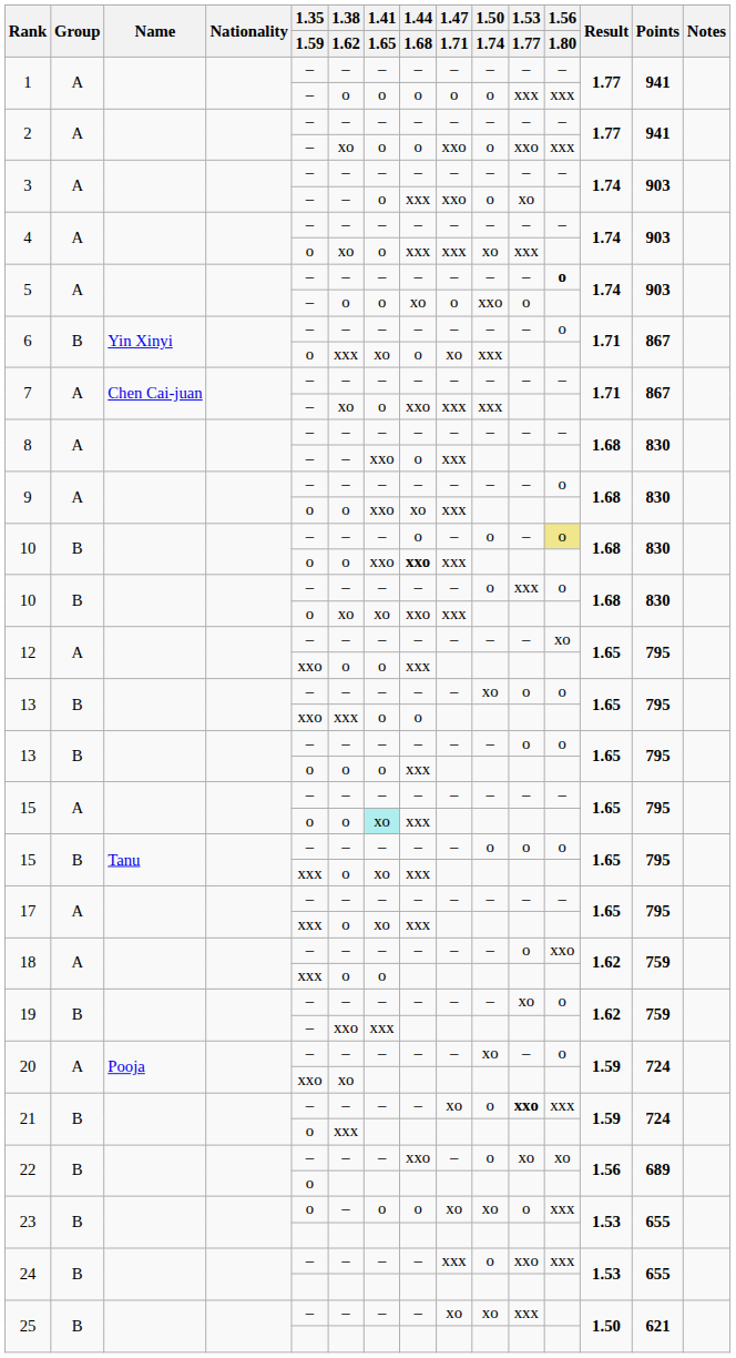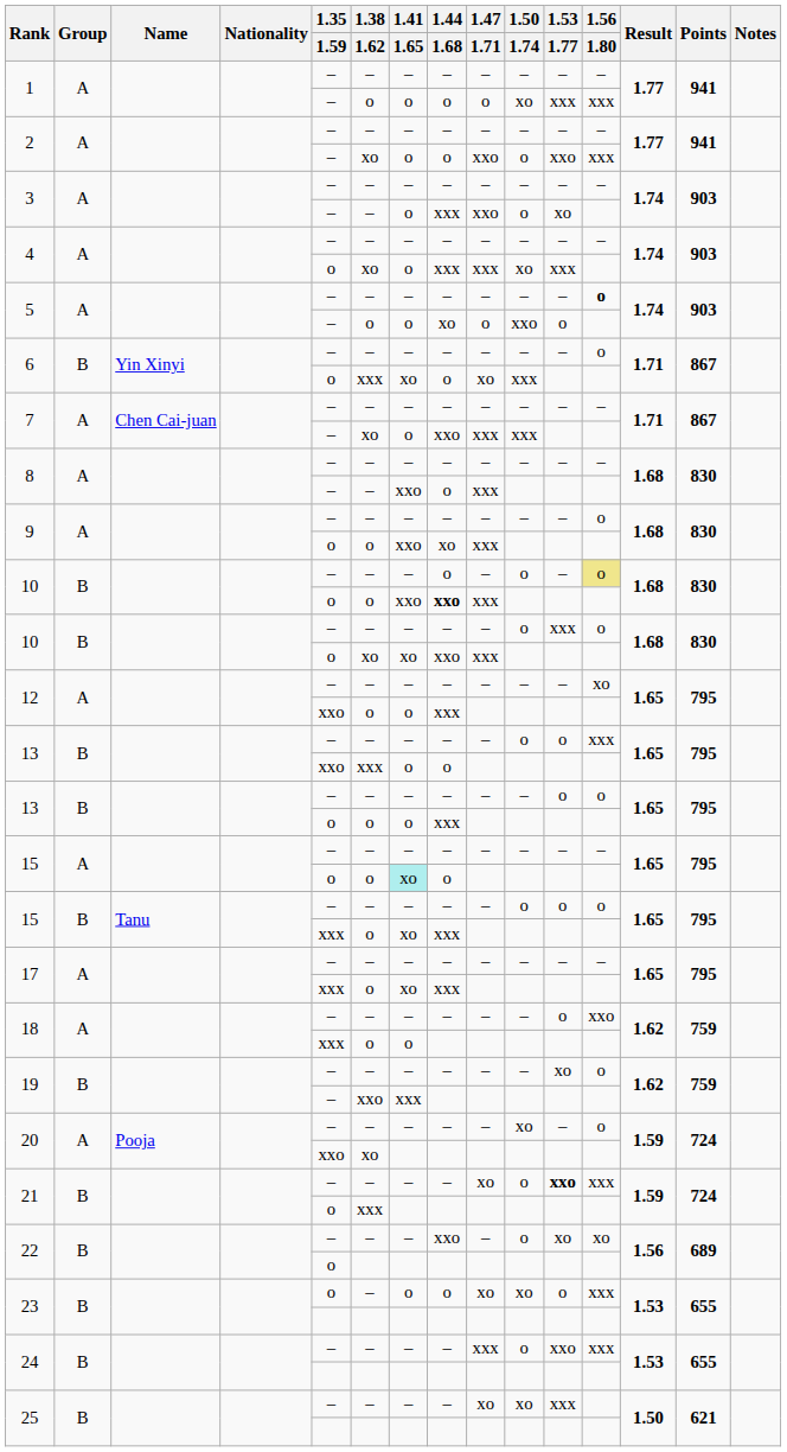 <table class="wikitable sortable" style="text-align:center">
 <tr>
 <th rowspan=2>Rank</th>
 <th rowspan=2>Group</th>
 <th rowspan=2>Name</th>
 <th rowspan=2>Nationality</th>
 <th>1.35</th>
 <th>1.38</th>
 <th>1.41</th>
 <th>1.44</th>
 <th>1.47</th>
 <th>1.50</th>
 <th>1.53</th>
 <th>1.56</th>
 <th rowspan=2>Result</th>
 <th rowspan=2>Points</th>
 <th rowspan=2>Notes</th>
 </tr>
 <tr>
 <th class=unsortable>1.59</th>
 <th class=unsortable>1.62</th>
 <th class=unsortable>1.65</th>
 <th class=unsortable>1.68</th>
 <th class=unsortable>1.71</th>
 <th class=unsortable>1.74</th>
 <th class=unsortable>1.77</th>
 <th class=unsortable>1.80</th>
 </tr>
 <tr>
 <td rowspan=2>1</td>
 <td rowspan=2>A</td>
 <td rowspan=2 align=left></td>
 <td rowspan=2 align=left></td>
 <td>–</td>
 <td>–</td>
 <td>–</td>
 <td>–</td>
 <td>–</td>
 <td>–</td>
 <td>–</td>
 <td>–</td>
 <td rowspan=2><strong>1.77</strong></td>
 <td rowspan=2><strong>941</strong></td>
 <td rowspan=2></td>
 </tr>
 <tr>
 <td>–</td>
 <td>o</td>
 <td>o</td>
 <td>o</td>
 <td>o</td>
-<td>o</td>
+<td>xo</td>
 <td>xxx</td>
 <td>xxx</td>
 </tr>
 <tr>
 <td rowspan=2>2</td>
 <td rowspan=2>A</td>
 <td rowspan=2 align=left></td>
 <td rowspan=2 align=left></td>
 <td>–</td>
 <td>–</td>
 <td>–</td>
 <td>–</td>
 <td>–</td>
 <td>–</td>
 <td>–</td>
 <td>–</td>
 <td rowspan=2><strong>1.77</strong></td>
 <td rowspan=2><strong>941</strong></td>
 <td rowspan=2></td>
 </tr>
 <tr>
 <td>–</td>
 <td>xo</td>
 <td>o</td>
 <td>o</td>
 <td>xxo</td>
 <td>o</td>
 <td>xxo</td>
 <td>xxx</td>
 </tr>
 <tr>
 <td rowspan=2>3</td>
 <td rowspan=2>A</td>
 <td rowspan=2 align=left></td>
 <td rowspan=2 align=left></td>
 <td>–</td>
 <td>–</td>
 <td>–</td>
 <td>–</td>
 <td>–</td>
 <td>–</td>
 <td>–</td>
 <td>–</td>
 <td rowspan=2><strong>1.74</strong></td>
 <td rowspan=2><strong>903</strong></td>
 <td rowspan=2></td>
 </tr>
 <tr>
 <td>–</td>
 <td>–</td>
 <td>o</td>
 <td>xxx</td>
 <td>xxo</td>
 <td>o</td>
 <td>xo</td>
 <td></td>
 </tr>
 <tr>
 <td rowspan=2>4</td>
 <td rowspan=2>A</td>
 <td rowspan=2 align=left></td>
 <td rowspan=2 align=left></td>
 <td>–</td>
 <td>–</td>
 <td>–</td>
 <td>–</td>
 <td>–</td>
 <td>–</td>
 <td>–</td>
 <td>–</td>
 <td rowspan=2><strong>1.74</strong></td>
 <td rowspan=2><strong>903</strong></td>
 <td rowspan=2></td>
 </tr>
 <tr>
 <td>o</td>
 <td>xo</td>
 <td>o</td>
 <td>xxx</td>
 <td>xxx</td>
 <td>xo</td>
 <td>xxx</td>
 <td></td>
 </tr>
 <tr>
 <td rowspan=2>5</td>
 <td rowspan=2>A</td>
 <td rowspan=2 align=left></td>
 <td rowspan=2 align=left></td>
 <td>–</td>
 <td>–</td>
 <td>–</td>
 <td>–</td>
 <td>–</td>
 <td>–</td>
 <td>–</td>
 <td><strong>o</strong></td>
 <td rowspan=2><strong>1.74</strong></td>
 <td rowspan=2><strong>903</strong></td>
 <td rowspan=2></td>
 </tr>
 <tr>
 <td>–</td>
 <td>o</td>
 <td>o</td>
 <td>xo</td>
 <td>o</td>
 <td>xxo</td>
 <td>o</td>
 <td></td>
 </tr>
 <tr>
 <td rowspan=2>6</td>
 <td rowspan=2>B</td>
 <td rowspan=2 align=left><a href='#'>Yin Xinyi</a></td>
 <td rowspan=2 align=left></td>
 <td>–</td>
 <td>–</td>
 <td>–</td>
 <td>–</td>
 <td>–</td>
 <td>–</td>
 <td>–</td>
 <td>o</td>
 <td rowspan=2><strong>1.71</strong></td>
 <td rowspan=2><strong>867</strong></td>
 <td rowspan=2></td>
 </tr>
 <tr>
 <td>o</td>
 <td>xxx</td>
 <td>xo</td>
 <td>o</td>
 <td>xo</td>
 <td>xxx</td>
 <td></td>
 <td></td>
 </tr>
 <tr>
 <td rowspan=2>7</td>
 <td rowspan=2>A</td>
 <td rowspan=2 align=left><a href='#'>Chen Cai-juan</a></td>
 <td rowspan=2 align=left></td>
 <td>–</td>
 <td>–</td>
 <td>–</td>
 <td>–</td>
 <td>–</td>
 <td>–</td>
 <td>–</td>
 <td>–</td>
 <td rowspan=2><strong>1.71</strong></td>
 <td rowspan=2><strong>867</strong></td>
 <td rowspan=2></td>
 </tr>
 <tr>
 <td>–</td>
 <td>xo</td>
 <td>o</td>
 <td>xxo</td>
 <td>xxx</td>
 <td>xxx</td>
 <td></td>
 <td></td>
 </tr>
 <tr>
 <td rowspan=2>8</td>
 <td rowspan=2>A</td>
 <td rowspan=2 align=left></td>
 <td rowspan=2 align=left></td>
 <td>–</td>
 <td>–</td>
 <td>–</td>
 <td>–</td>
 <td>–</td>
 <td>–</td>
 <td>–</td>
 <td>–</td>
 <td rowspan=2><strong>1.68</strong></td>
 <td rowspan=2><strong>830</strong></td>
 <td rowspan=2></td>
 </tr>
 <tr>
 <td>–</td>
 <td>–</td>
 <td>xxo</td>
 <td>o</td>
 <td>xxx</td>
 <td></td>
 <td></td>
 <td></td>
 </tr>
 <tr>
 <td rowspan=2>9</td>
 <td rowspan=2>A</td>
 <td rowspan=2 align=left></td>
 <td rowspan=2 align=left></td>
 <td>–</td>
 <td>–</td>
 <td>–</td>
 <td>–</td>
 <td>–</td>
 <td>–</td>
 <td>–</td>
 <td>o</td>
 <td rowspan=2><strong>1.68</strong></td>
 <td rowspan=2><strong>830</strong></td>
 <td rowspan=2></td>
 </tr>
 <tr>
 <td>o</td>
 <td>o</td>
 <td>xxo</td>
 <td>xo</td>
 <td>xxx</td>
 <td></td>
 <td></td>
 <td></td>
 </tr>
 <tr>
 <td rowspan=2>10</td>
 <td rowspan=2>B</td>
 <td rowspan=2 align=left></td>
 <td rowspan=2 align=left></td>
 <td>–</td>
 <td>–</td>
 <td>–</td>
 <td>o</td>
 <td>–</td>
 <td>o</td>
 <td>–</td>
 <td style="background: khaki;">o</td>
 <td rowspan=2><strong>1.68</strong></td>
 <td rowspan=2><strong>830</strong></td>
 <td rowspan=2></td>
 </tr>
 <tr>
 <td>o</td>
 <td>o</td>
 <td>xxo</td>
 <td><strong>xxo</strong></td>
 <td>xxx</td>
 <td></td>
 <td></td>
 <td></td>
 </tr>
 <tr>
 <td rowspan=2>10</td>
 <td rowspan=2>B</td>
 <td rowspan=2 align=left></td>
 <td rowspan=2 align=left></td>
 <td>–</td>
 <td>–</td>
 <td>–</td>
 <td>–</td>
 <td>–</td>
 <td>o</td>
 <td>xxx</td>
 <td>o</td>
 <td rowspan=2><strong>1.68</strong></td>
 <td rowspan=2><strong>830</strong></td>
 <td rowspan=2></td>
 </tr>
 <tr>
 <td>o</td>
 <td>xo</td>
 <td>xo</td>
 <td>xxo</td>
 <td>xxx</td>
 <td></td>
 <td></td>
 <td></td>
 </tr>
 <tr>
 <td rowspan=2>12</td>
 <td rowspan=2>A</td>
 <td rowspan=2 align=left></td>
 <td rowspan=2 align=left></td>
 <td>–</td>
 <td>–</td>
 <td>–</td>
 <td>–</td>
 <td>–</td>
 <td>–</td>
 <td>–</td>
 <td>xo</td>
 <td rowspan=2><strong>1.65</strong></td>
 <td rowspan=2><strong>795</strong></td>
 <td rowspan=2></td>
 </tr>
 <tr>
 <td>xxo</td>
 <td>o</td>
 <td>o</td>
 <td>xxx</td>
 <td></td>
 <td></td>
 <td></td>
 <td></td>
 </tr>
 <tr>
 <td rowspan=2>13</td>
 <td rowspan=2>B</td>
 <td rowspan=2 align=left></td>
 <td rowspan=2 align=left></td>
 <td>–</td>
 <td>–</td>
 <td>–</td>
 <td>–</td>
 <td>–</td>
-<td>xo</td>
 <td>o</td>
 <td>o</td>
+<td>xxx</td>
 <td rowspan=2><strong>1.65</strong></td>
 <td rowspan=2><strong>795</strong></td>
 <td rowspan=2></td>
 </tr>
 <tr>
 <td>xxo</td>
 <td>xxx</td>
 <td>o</td>
 <td>o</td>
 <td></td>
 <td></td>
 <td></td>
 <td></td>
 </tr>
 <tr>
 <td rowspan=2>13</td>
 <td rowspan=2>B</td>
 <td rowspan=2 align=left></td>
 <td rowspan=2 align=left></td>
 <td>–</td>
 <td>–</td>
 <td>–</td>
 <td>–</td>
 <td>–</td>
 <td>–</td>
 <td>o</td>
 <td>o</td>
 <td rowspan=2><strong>1.65</strong></td>
 <td rowspan=2><strong>795</strong></td>
 <td rowspan=2></td>
 </tr>
 <tr>
 <td>o</td>
 <td>o</td>
 <td>o</td>
 <td>xxx</td>
 <td></td>
 <td></td>
 <td></td>
 <td></td>
 </tr>
 <tr>
 <td rowspan=2>15</td>
 <td rowspan=2>A</td>
 <td rowspan=2 align=left></td>
 <td rowspan=2 align=left></td>
 <td>–</td>
 <td>–</td>
 <td>–</td>
 <td>–</td>
 <td>–</td>
 <td>–</td>
 <td>–</td>
 <td>–</td>
 <td rowspan=2><strong>1.65</strong></td>
 <td rowspan=2><strong>795</strong></td>
 <td rowspan=2></td>
 </tr>
 <tr>
 <td>o</td>
 <td>o</td>
 <td style="background: paleturquoise;">xo</td>
-<td>xxx</td>
+<td>o</td>
 <td></td>
 <td></td>
 <td></td>
 <td></td>
 </tr>
 <tr>
 <td rowspan=2>15</td>
 <td rowspan=2>B</td>
 <td rowspan=2 align=left><a href='#'>Tanu</a></td>
 <td rowspan=2 align=left></td>
 <td>–</td>
 <td>–</td>
 <td>–</td>
 <td>–</td>
 <td>–</td>
 <td>o</td>
 <td>o</td>
 <td>o</td>
 <td rowspan=2><strong>1.65</strong></td>
 <td rowspan=2><strong>795</strong></td>
 <td rowspan=2></td>
 </tr>
 <tr>
 <td>xxx</td>
 <td>o</td>
 <td>xo</td>
 <td>xxx</td>
 <td></td>
 <td></td>
 <td></td>
 <td></td>
 </tr>
 <tr>
 <td rowspan=2>17</td>
 <td rowspan=2>A</td>
 <td rowspan=2 align=left></td>
 <td rowspan=2 align=left></td>
 <td>–</td>
 <td>–</td>
 <td>–</td>
 <td>–</td>
 <td>–</td>
 <td>–</td>
 <td>–</td>
 <td>–</td>
 <td rowspan=2><strong>1.65</strong></td>
 <td rowspan=2><strong>795</strong></td>
 <td rowspan=2></td>
 </tr>
 <tr>
 <td>xxx</td>
 <td>o</td>
 <td>xo</td>
 <td>xxx</td>
 <td></td>
 <td></td>
 <td></td>
 <td></td>
 </tr>
 <tr>
 <td rowspan=2>18</td>
 <td rowspan=2>A</td>
 <td rowspan=2 align=left></td>
 <td rowspan=2 align=left></td>
 <td>–</td>
 <td>–</td>
 <td>–</td>
 <td>–</td>
 <td>–</td>
 <td>–</td>
 <td>o</td>
 <td>xxo</td>
 <td rowspan=2><strong>1.62</strong></td>
 <td rowspan=2><strong>759</strong></td>
 <td rowspan=2></td>
 </tr>
 <tr>
 <td>xxx</td>
 <td>o</td>
 <td>o</td>
 <td></td>
 <td></td>
 <td></td>
 <td></td>
 <td></td>
 </tr>
 <tr>
 <td rowspan=2>19</td>
 <td rowspan=2>B</td>
 <td rowspan=2 align=left></td>
 <td rowspan=2 align=left></td>
 <td>–</td>
 <td>–</td>
 <td>–</td>
 <td>–</td>
 <td>–</td>
 <td>–</td>
 <td>xo</td>
 <td>o</td>
 <td rowspan=2><strong>1.62</strong></td>
 <td rowspan=2><strong>759</strong></td>
 <td rowspan=2></td>
 </tr>
 <tr>
 <td>–</td>
 <td>xxo</td>
 <td>xxx</td>
 <td></td>
 <td></td>
 <td></td>
 <td></td>
 <td></td>
 </tr>
 <tr>
 <td rowspan=2>20</td>
 <td rowspan=2>A</td>
 <td rowspan=2 align=left><a href='#'>Pooja</a></td>
 <td rowspan=2 align=left></td>
 <td>–</td>
 <td>–</td>
 <td>–</td>
 <td>–</td>
 <td>–</td>
 <td>xo</td>
 <td>–</td>
 <td>o</td>
 <td rowspan=2><strong>1.59</strong></td>
 <td rowspan=2><strong>724</strong></td>
 <td rowspan=2></td>
 </tr>
 <tr>
 <td>xxo</td>
 <td>xo</td>
 <td></td>
 <td></td>
 <td></td>
 <td></td>
 <td></td>
 <td></td>
 </tr>
 <tr>
 <td rowspan=2>21</td>
 <td rowspan=2>B</td>
 <td rowspan=2 align=left></td>
 <td rowspan=2 align=left></td>
 <td>–</td>
 <td>–</td>
 <td>–</td>
 <td>–</td>
 <td>xo</td>
 <td>o</td>
 <td><strong>xxo</strong></td>
 <td>xxx</td>
 <td rowspan=2><strong>1.59</strong></td>
 <td rowspan=2><strong>724</strong></td>
 <td rowspan=2></td>
 </tr>
 <tr>
 <td>o</td>
 <td>xxx</td>
 <td></td>
 <td></td>
 <td></td>
 <td></td>
 <td></td>
 <td></td>
 </tr>
 <tr>
 <td rowspan=2>22</td>
 <td rowspan=2>B</td>
 <td rowspan=2 align=left></td>
 <td rowspan=2 align=left></td>
 <td>–</td>
 <td>–</td>
 <td>–</td>
 <td>xxo</td>
 <td>–</td>
 <td>o</td>
 <td>xo</td>
 <td>xo</td>
 <td rowspan=2><strong>1.56</strong></td>
 <td rowspan=2><strong>689</strong></td>
 <td rowspan=2></td>
 </tr>
 <tr>
 <td>o</td>
 <td></td>
 <td></td>
 <td></td>
 <td></td>
 <td></td>
 <td></td>
 <td></td>
 </tr>
 <tr>
 <td rowspan=2>23</td>
 <td rowspan=2>B</td>
 <td rowspan=2 align=left></td>
 <td rowspan=2 align=left></td>
 <td>o</td>
 <td>–</td>
 <td>o</td>
 <td>o</td>
 <td>xo</td>
 <td>xo</td>
 <td>o</td>
 <td>xxx</td>
 <td rowspan=2><strong>1.53</strong></td>
 <td rowspan=2><strong>655</strong></td>
 <td rowspan=2></td>
 </tr>
 <tr>
 <td> </td>
 <td></td>
 <td></td>
 <td></td>
 <td></td>
 <td></td>
 <td></td>
 <td></td>
 </tr>
 <tr>
 <td rowspan=2>24</td>
 <td rowspan=2>B</td>
 <td rowspan=2 align=left></td>
 <td rowspan=2 align=left></td>
 <td>–</td>
 <td>–</td>
 <td>–</td>
 <td>–</td>
 <td>xxx</td>
 <td>o</td>
 <td>xxo</td>
 <td>xxx</td>
 <td rowspan=2><strong>1.53</strong></td>
 <td rowspan=2><strong>655</strong></td>
 <td rowspan=2></td>
 </tr>
 <tr>
 <td> </td>
 <td></td>
 <td></td>
 <td></td>
 <td></td>
 <td></td>
 <td></td>
 <td></td>
 </tr>
 <tr>
 <td rowspan=2>25</td>
 <td rowspan=2>B</td>
 <td rowspan=2 align=left></td>
 <td rowspan=2 align=left></td>
 <td>–</td>
 <td>–</td>
 <td>–</td>
 <td>–</td>
 <td>xo</td>
 <td>xo</td>
 <td>xxx</td>
 <td></td>
 <td rowspan=2><strong>1.50</strong></td>
 <td rowspan=2><strong>621</strong></td>
 <td rowspan=2></td>
 </tr>
 <tr>
 <td> </td>
 <td></td>
 <td></td>
 <td></td>
 <td></td>
 <td></td>
 <td></td>
 <td></td>
 </tr>
 </table>
